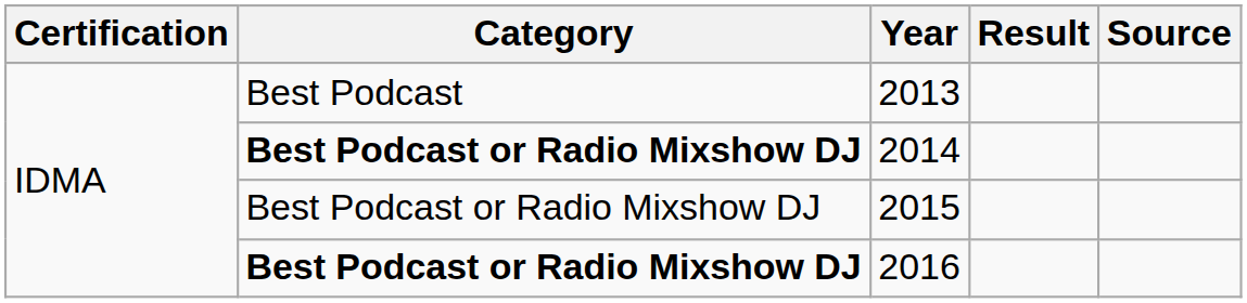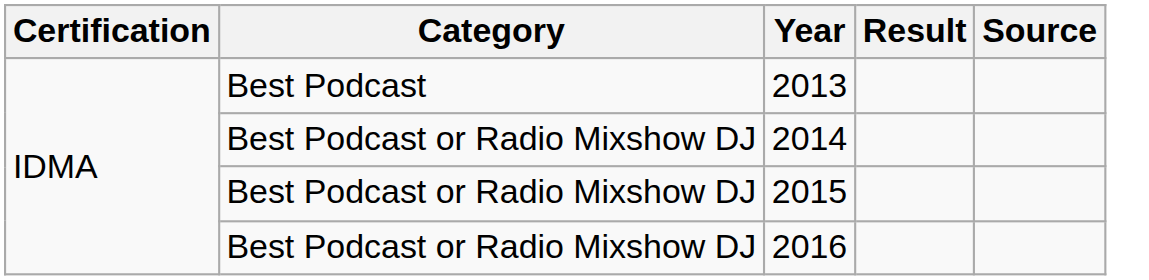 <table class="wikitable">
 <tr>
 <th>Certification</th>
 <th>Category</th>
 <th>Year</th>
 <th>Result</th>
 <th>Source</th>
 </tr>
 <tr>
 <td rowspan="4">IDMA</td>
 <td>Best Podcast</td>
 <td>2013</td>
 <td></td>
 <td></td>
 </tr>
 <tr>
-<td><strong>Best Podcast or Radio Mixshow DJ</strong></td>
+<td>Best Podcast or Radio Mixshow DJ</td>
 <td>2014</td>
 <td></td>
 <td></td>
 </tr>
 <tr>
 <td>Best Podcast or Radio Mixshow DJ</td>
 <td>2015</td>
 <td></td>
 <td></td>
 </tr>
 <tr>
-<td><strong>Best Podcast or Radio Mixshow DJ</strong></td>
+<td>Best Podcast or Radio Mixshow DJ</td>
 <td>2016</td>
 <td></td>
 <td></td>
 </tr>
 </table>
